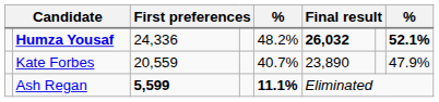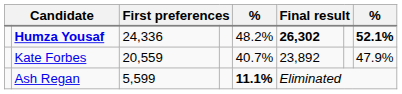 <table class="wikitable" style="font-size: 95%;">
 <tr style="border-bottom: 2px solid gray;">
 <th colspan="2" scope="col" rowspan="1" width="125">Candidate</th>
 <th colspan=2>First preferences</th>
 <th>%</th>
 <th colspan=2>Final result</th>
 <th>%</th>
 </tr>
 <tr>
 <td style="background-color: "></td>
 <td><strong><a href='#'>Humza Yousaf</a></strong> </td>
 <td>24,336</td>
 <td style="text-align:center;"></td>
 <td>48.2%</td>
-<td><strong>26,032</strong></td>
+<td><strong>26,302</strong></td>
 <td style="text-align:center;"></td>
 <td><strong>52.1%</strong></td>
 </tr>
 <tr>
 <td style="background-color: "></td>
 <td><a href='#'>Kate Forbes</a></td>
 <td>20,559</td>
 <td style="text-align:center;"></td>
 <td>40.7%</td>
-<td>23,890</td>
+<td>23,892</td>
 <td style="text-align:center;"></td>
 <td>47.9%</td>
 </tr>
 <tr>
 <td style="background-color: "></td>
 <td><a href='#'>Ash Regan</a></td>
-<td><strong>5,599</strong></td>
+<td>5,599</td>
 <td style="text-align:center;"></td>
 <td><strong>11.1%</strong></td>
 <td colspan=3><em>Eliminated</em></td>
 </tr>
 </table>
